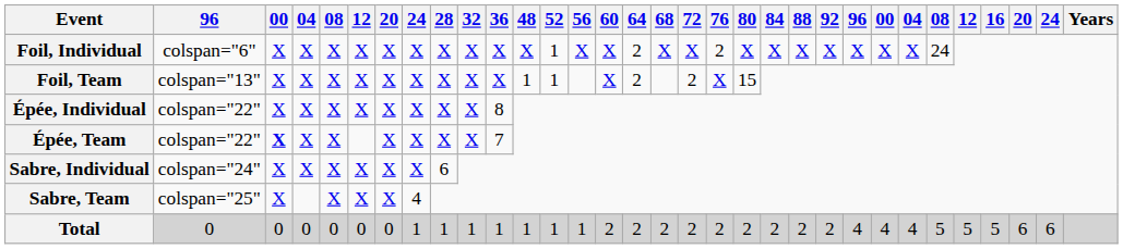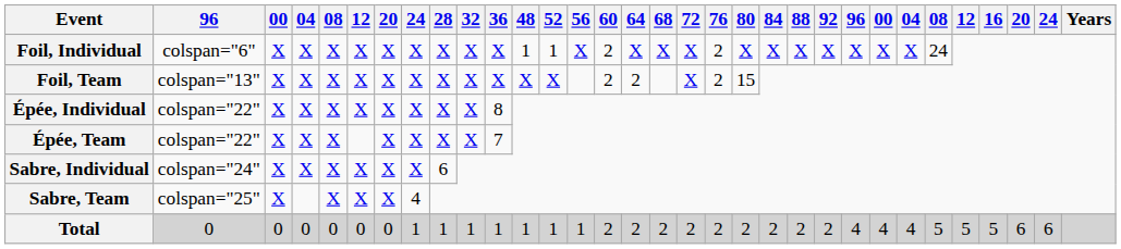 <table class="wikitable plainrowheaders sticky-header" style="text-align:center">
 <tr>
 <th scope="col">Event</th>
 <th scope="col"><a href='#'>96</a></th>
 <th scope="col"><a href='#'>00</a></th>
 <th scope="col"><a href='#'>04</a></th>
 <th scope="col"><a href='#'>08</a></th>
 <th scope="col"><a href='#'>12</a></th>
 <th scope="col"><a href='#'>20</a></th>
 <th scope="col"><a href='#'>24</a></th>
 <th scope="col"><a href='#'>28</a></th>
 <th scope="col"><a href='#'>32</a></th>
 <th scope="col"><a href='#'>36</a></th>
 <th scope="col"><a href='#'>48</a></th>
 <th scope="col"><a href='#'>52</a></th>
 <th scope="col"><a href='#'>56</a></th>
 <th scope="col"><a href='#'>60</a></th>
 <th scope="col"><a href='#'>64</a></th>
 <th scope="col"><a href='#'>68</a></th>
 <th scope="col"><a href='#'>72</a></th>
 <th scope="col"><a href='#'>76</a></th>
 <th scope="col"><a href='#'>80</a></th>
 <th scope="col"><a href='#'>84</a></th>
 <th scope="col"><a href='#'>88</a></th>
 <th scope="col"><a href='#'>92</a></th>
 <th scope="col"><a href='#'>96</a></th>
 <th scope="col"><a href='#'>00</a></th>
 <th scope="col"><a href='#'>04</a></th>
 <th scope="col"><a href='#'>08</a></th>
 <th scope="col"><a href='#'>12</a></th>
 <th scope="col"><a href='#'>16</a></th>
 <th scope="col"><a href='#'>20</a></th>
 <th scope="col"><a href='#'>24</a></th>
 <th scope="col">Years</th>
 </tr>
 <tr>
 <th scope="row">Foil, Individual</th>
 <td>colspan="6"</td>
 <td><a href='#'>X</a></td>
 <td><a href='#'>X</a></td>
 <td><a href='#'>X</a></td>
 <td><a href='#'>X</a></td>
 <td><a href='#'>X</a></td>
 <td><a href='#'>X</a></td>
 <td><a href='#'>X</a></td>
 <td><a href='#'>X</a></td>
 <td><a href='#'>X</a></td>
-<td><a href='#'>X</a></td>
+<td>1</td>
 <td>1</td>
 <td><a href='#'>X</a></td>
+<td>2</td>
 <td><a href='#'>X</a></td>
-<td>2</td>
 <td><a href='#'>X</a></td>
 <td><a href='#'>X</a></td>
 <td>2</td>
 <td><a href='#'>X</a></td>
 <td><a href='#'>X</a></td>
 <td><a href='#'>X</a></td>
 <td><a href='#'>X</a></td>
 <td><a href='#'>X</a></td>
 <td><a href='#'>X</a></td>
 <td><a href='#'>X</a></td>
 <td>24</td>
 </tr>
 <tr>
 <th scope="row">Foil, Team</th>
 <td>colspan="13"</td>
 <td><a href='#'>X</a></td>
 <td><a href='#'>X</a></td>
 <td><a href='#'>X</a></td>
 <td><a href='#'>X</a></td>
 <td><a href='#'>X</a></td>
 <td><a href='#'>X</a></td>
 <td><a href='#'>X</a></td>
 <td><a href='#'>X</a></td>
 <td><a href='#'>X</a></td>
-<td>1</td>
-<td>1</td>
+<td><a href='#'>X</a></td>
+<td><a href='#'>X</a></td>
+<td></td>
+<td>2</td>
+<td>2</td>
 <td></td>
 <td><a href='#'>X</a></td>
 <td>2</td>
-<td></td>
-<td>2</td>
-<td><a href='#'>X</a></td>
 <td>15</td>
 </tr>
 <tr>
 <th scope="row">Épée, Individual</th>
 <td>colspan="22"</td>
 <td><a href='#'>X</a></td>
 <td><a href='#'>X</a></td>
 <td><a href='#'>X</a></td>
 <td><a href='#'>X</a></td>
 <td><a href='#'>X</a></td>
 <td><a href='#'>X</a></td>
 <td><a href='#'>X</a></td>
 <td><a href='#'>X</a></td>
 <td>8</td>
 </tr>
 <tr>
 <th scope="row">Épée, Team</th>
 <td>colspan="22"</td>
-<td><strong><a href='#'>X</a></strong></td>
+<td><a href='#'>X</a></td>
 <td><a href='#'>X</a></td>
 <td><a href='#'>X</a></td>
 <td></td>
 <td><a href='#'>X</a></td>
 <td><a href='#'>X</a></td>
 <td><a href='#'>X</a></td>
 <td><a href='#'>X</a></td>
 <td>7</td>
 </tr>
 <tr>
 <th scope="row">Sabre, Individual</th>
 <td>colspan="24"</td>
 <td><a href='#'>X</a></td>
 <td><a href='#'>X</a></td>
 <td><a href='#'>X</a></td>
 <td><a href='#'>X</a></td>
 <td><a href='#'>X</a></td>
 <td><a href='#'>X</a></td>
 <td>6</td>
 </tr>
 <tr>
 <th scope="row">Sabre, Team</th>
 <td>colspan="25"</td>
 <td><a href='#'>X</a></td>
 <td></td>
 <td><a href='#'>X</a></td>
 <td><a href='#'>X</a></td>
 <td><a href='#'>X</a></td>
 <td>4</td>
 </tr>
 <tr bgcolor=lightgray>
 <th scope="row"><strong>Total</strong></th>
 <td>0</td>
 <td>0</td>
 <td>0</td>
 <td>0</td>
 <td>0</td>
 <td>0</td>
 <td>1</td>
 <td>1</td>
 <td>1</td>
 <td>1</td>
 <td>1</td>
 <td>1</td>
 <td>1</td>
 <td>2</td>
 <td>2</td>
 <td>2</td>
 <td>2</td>
 <td>2</td>
 <td>2</td>
 <td>2</td>
 <td>2</td>
 <td>2</td>
 <td>4</td>
 <td>4</td>
 <td>4</td>
 <td>5</td>
 <td>5</td>
 <td>5</td>
 <td>6</td>
 <td>6</td>
 <td></td>
 </tr>
 </table>
